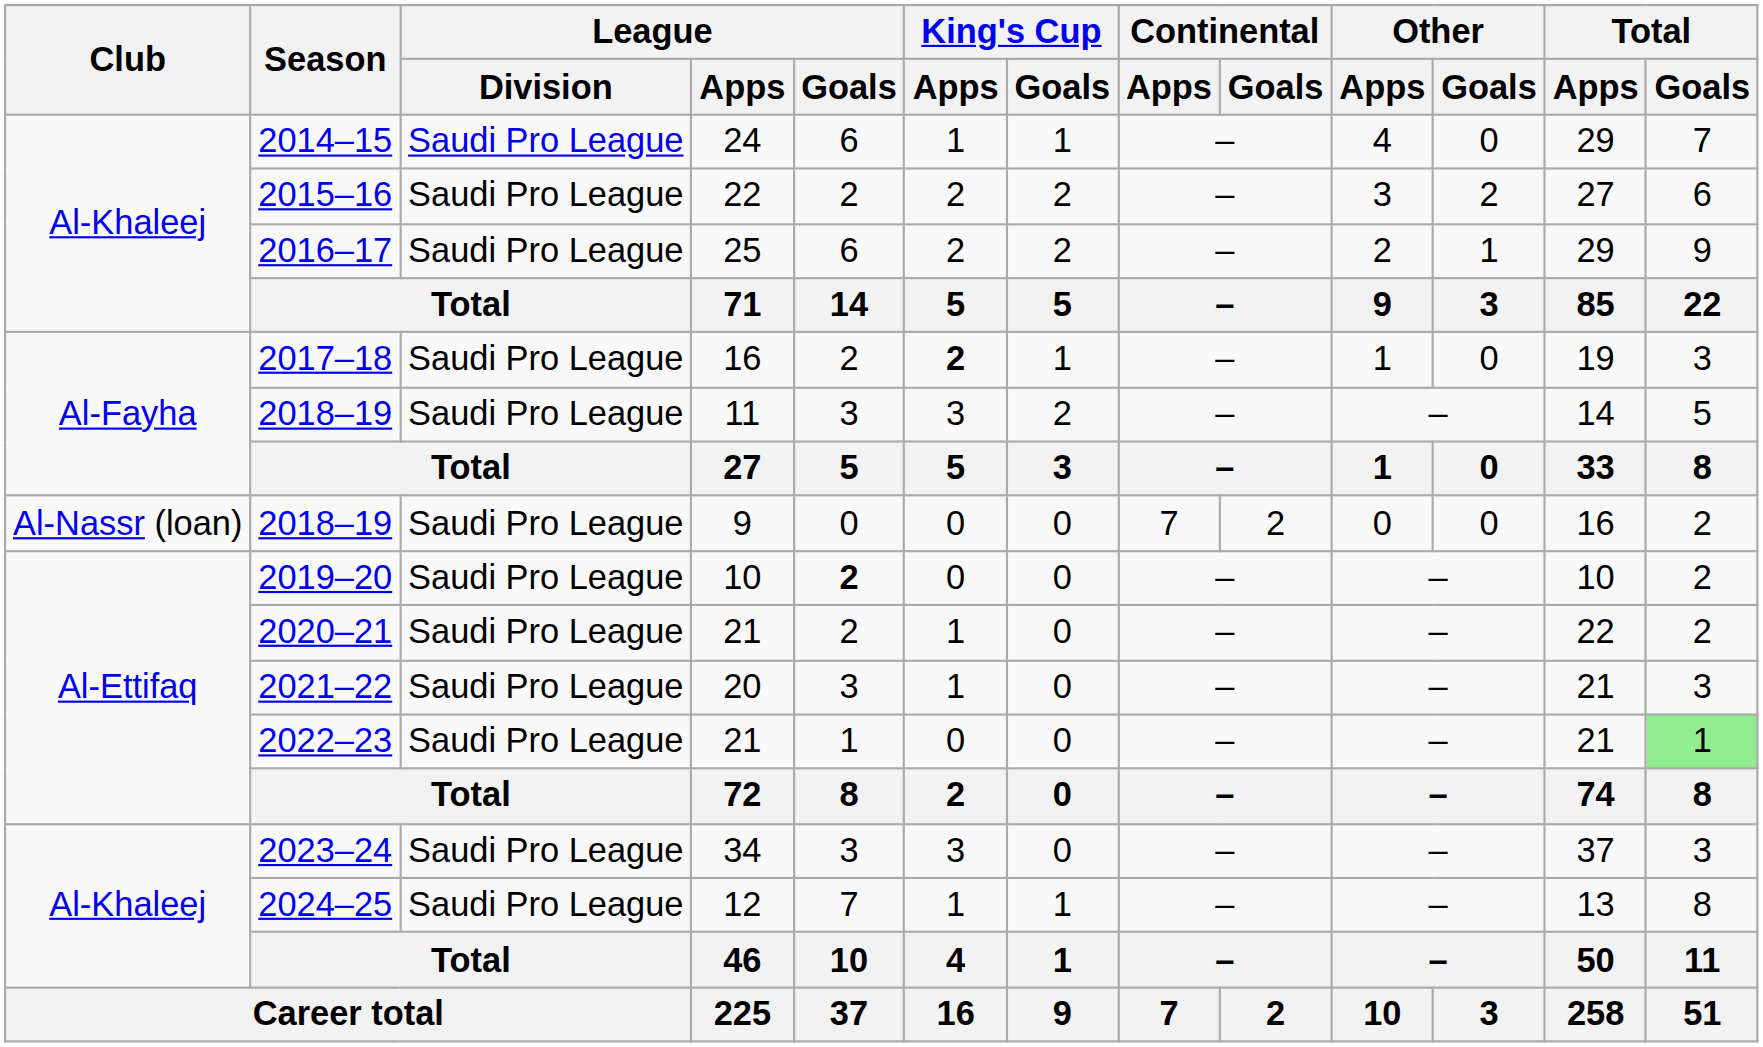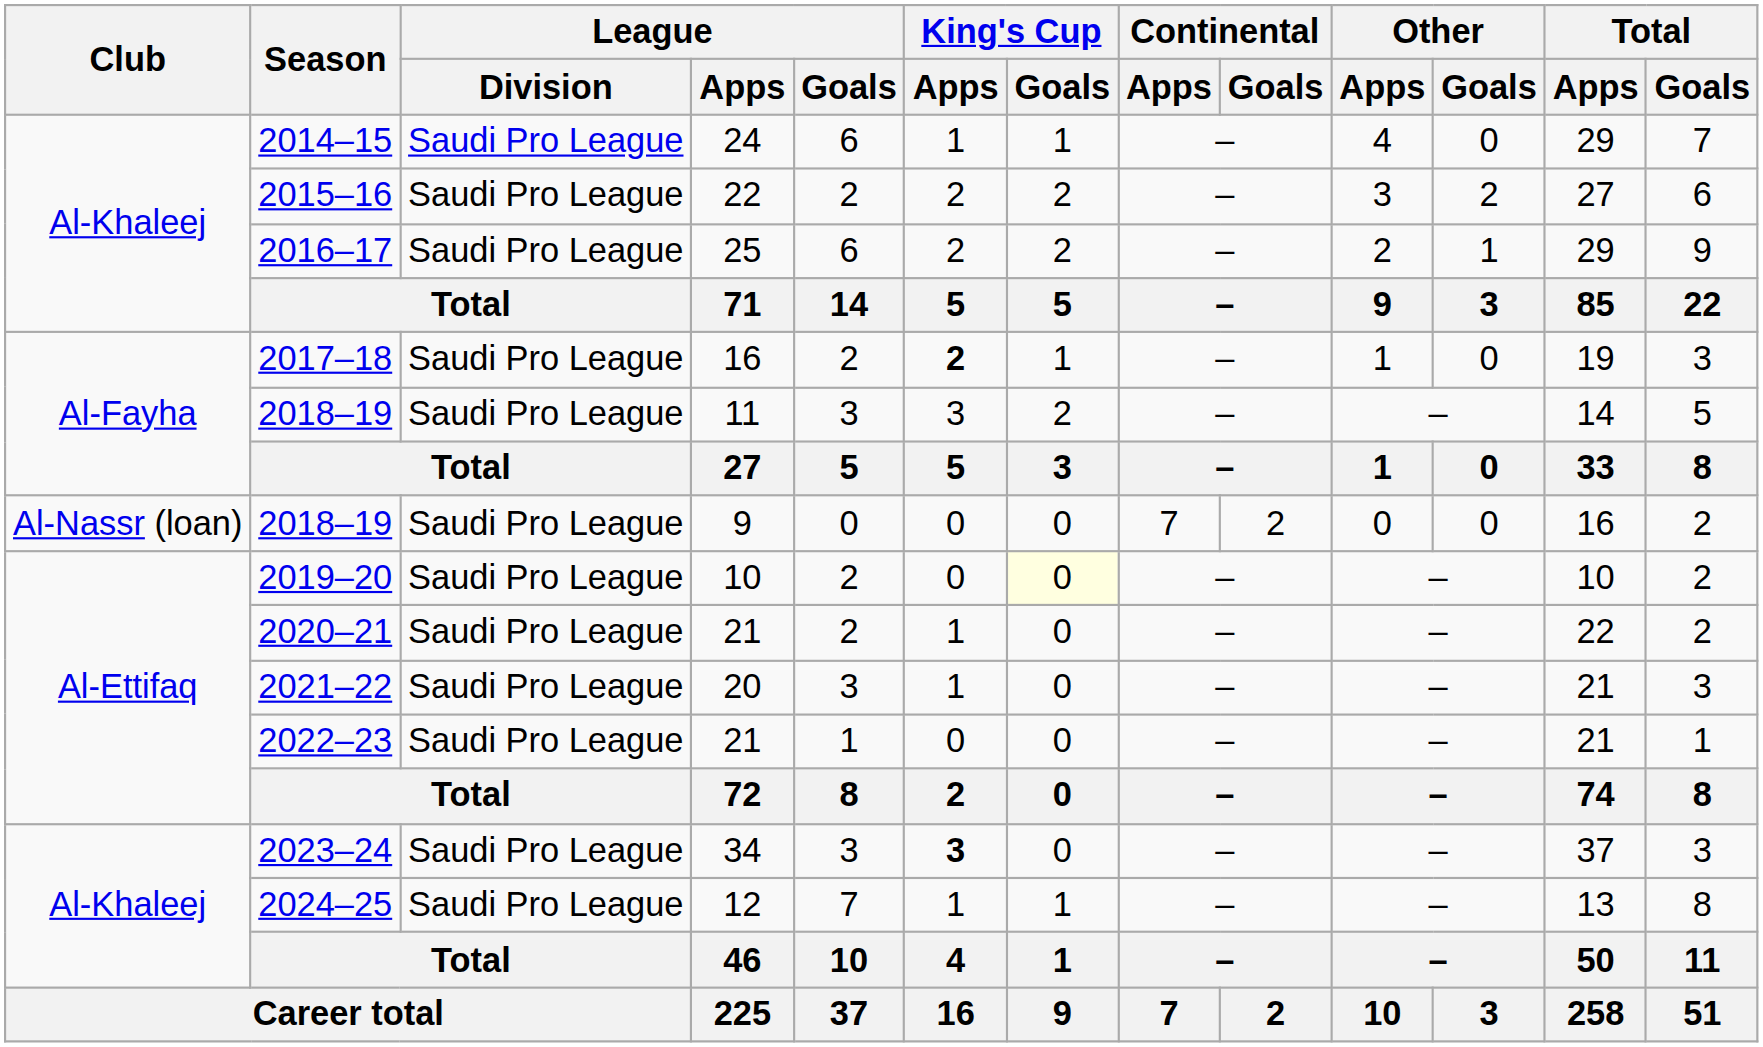 <table class="wikitable" style="text-align:center">
 <tr>
 <th rowspan="2">Club</th>
 <th rowspan="2">Season</th>
 <th colspan="3">League</th>
 <th colspan="2"><a href='#'>King's Cup</a></th>
 <th colspan="2">Continental</th>
 <th colspan="2">Other</th>
 <th colspan="2">Total</th>
 </tr>
 <tr>
 <th>Division</th>
 <th>Apps</th>
 <th>Goals</th>
 <th>Apps</th>
 <th>Goals</th>
 <th>Apps</th>
 <th>Goals</th>
 <th>Apps</th>
 <th>Goals</th>
 <th>Apps</th>
 <th>Goals</th>
 </tr>
 <tr>
 <td rowspan="4"><a href='#'>Al-Khaleej</a></td>
 <td><a href='#'>2014–15</a></td>
 <td><a href='#'>Saudi Pro League</a></td>
 <td>24</td>
 <td>6</td>
 <td>1</td>
 <td>1</td>
 <td colspan="2">–</td>
 <td>4</td>
 <td>0</td>
 <td>29</td>
 <td>7</td>
 </tr>
 <tr>
 <td><a href='#'>2015–16</a></td>
 <td>Saudi Pro League</td>
 <td>22</td>
 <td>2</td>
 <td>2</td>
 <td>2</td>
 <td colspan="2">–</td>
 <td>3</td>
 <td>2</td>
 <td>27</td>
 <td>6</td>
 </tr>
 <tr>
 <td><a href='#'>2016–17</a></td>
 <td>Saudi Pro League</td>
 <td>25</td>
 <td>6</td>
 <td>2</td>
 <td>2</td>
 <td colspan="2">–</td>
 <td>2</td>
 <td>1</td>
 <td>29</td>
 <td>9</td>
 </tr>
 <tr>
 <th colspan="2">Total</th>
 <th>71</th>
 <th>14</th>
 <th>5</th>
 <th>5</th>
 <th colspan="2">–</th>
 <th>9</th>
 <th>3</th>
 <th>85</th>
 <th>22</th>
 </tr>
 <tr>
 <td rowspan="3"><a href='#'>Al-Fayha</a></td>
 <td><a href='#'>2017–18</a></td>
 <td>Saudi Pro League</td>
 <td>16</td>
 <td>2</td>
 <td><strong>2</strong></td>
 <td>1</td>
 <td colspan="2">–</td>
 <td>1</td>
 <td>0</td>
 <td>19</td>
 <td>3</td>
 </tr>
 <tr>
 <td><a href='#'>2018–19</a></td>
 <td>Saudi Pro League</td>
 <td>11</td>
 <td>3</td>
 <td>3</td>
 <td>2</td>
 <td colspan="2">–</td>
 <td colspan="2">–</td>
 <td>14</td>
 <td>5</td>
 </tr>
 <tr>
 <th colspan="2">Total</th>
 <th>27</th>
 <th>5</th>
 <th>5</th>
 <th>3</th>
 <th colspan="2">–</th>
 <th>1</th>
 <th>0</th>
 <th>33</th>
 <th>8</th>
 </tr>
 <tr>
 <td><a href='#'>Al-Nassr</a> (loan)</td>
 <td><a href='#'>2018–19</a></td>
 <td>Saudi Pro League</td>
 <td>9</td>
 <td>0</td>
 <td>0</td>
 <td>0</td>
 <td>7</td>
 <td>2</td>
 <td>0</td>
 <td>0</td>
 <td>16</td>
 <td>2</td>
 </tr>
 <tr>
 <td rowspan="5"><a href='#'>Al-Ettifaq</a></td>
 <td><a href='#'>2019–20</a></td>
 <td>Saudi Pro League</td>
 <td>10</td>
-<td><strong>2</strong></td>
+<td>2</td>
 <td>0</td>
-<td>0</td>
+<td style="background: lightyellow;">0</td>
 <td colspan="2">–</td>
 <td colspan="2">–</td>
 <td>10</td>
 <td>2</td>
 </tr>
 <tr>
 <td><a href='#'>2020–21</a></td>
 <td>Saudi Pro League</td>
 <td>21</td>
 <td>2</td>
 <td>1</td>
 <td>0</td>
 <td colspan="2">–</td>
 <td colspan="2">–</td>
 <td>22</td>
 <td>2</td>
 </tr>
 <tr>
 <td><a href='#'>2021–22</a></td>
 <td>Saudi Pro League</td>
 <td>20</td>
 <td>3</td>
 <td>1</td>
 <td>0</td>
 <td colspan="2">–</td>
 <td colspan="2">–</td>
 <td>21</td>
 <td>3</td>
 </tr>
 <tr>
 <td><a href='#'>2022–23</a></td>
 <td>Saudi Pro League</td>
 <td>21</td>
 <td>1</td>
 <td>0</td>
 <td>0</td>
 <td colspan="2">–</td>
 <td colspan="2">–</td>
 <td>21</td>
-<td style="background: lightgreen;">1</td>
+<td>1</td>
 </tr>
 <tr>
 <th colspan="2">Total</th>
 <th>72</th>
 <th>8</th>
 <th>2</th>
 <th>0</th>
 <th colspan="2">–</th>
 <th colspan="2">–</th>
 <th>74</th>
 <th>8</th>
 </tr>
 <tr>
 <td rowspan="3"><a href='#'>Al-Khaleej</a></td>
 <td><a href='#'>2023–24</a></td>
 <td>Saudi Pro League</td>
 <td>34</td>
 <td>3</td>
-<td>3</td>
+<td><strong>3</strong></td>
 <td>0</td>
 <td colspan="2">–</td>
 <td colspan="2">–</td>
 <td>37</td>
 <td>3</td>
 </tr>
 <tr>
 <td><a href='#'>2024–25</a></td>
 <td>Saudi Pro League</td>
 <td>12</td>
 <td>7</td>
 <td>1</td>
 <td>1</td>
 <td colspan="2">–</td>
 <td colspan="2">–</td>
 <td>13</td>
 <td>8</td>
 </tr>
 <tr>
 <th colspan="2">Total</th>
 <th>46</th>
 <th>10</th>
 <th>4</th>
 <th>1</th>
 <th colspan="2">–</th>
 <th colspan="2">–</th>
 <th>50</th>
 <th>11</th>
 </tr>
 <tr>
 <th colspan="3">Career total</th>
 <th>225</th>
 <th>37</th>
 <th>16</th>
 <th>9</th>
 <th>7</th>
 <th>2</th>
 <th>10</th>
 <th>3</th>
 <th>258</th>
 <th>51</th>
 </tr>
 </table>
